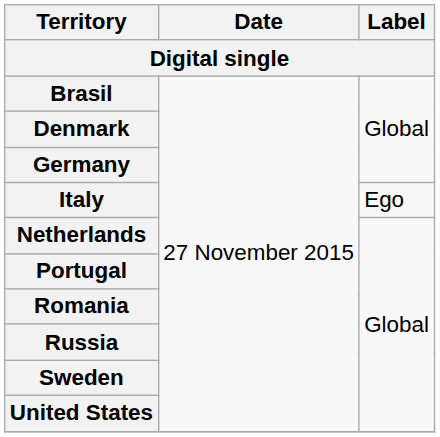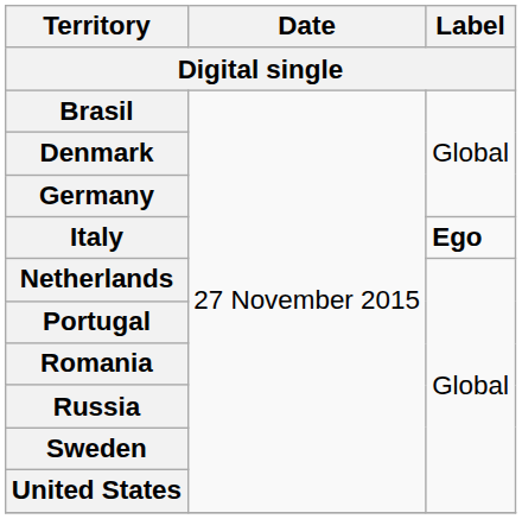 <table class="wikitable unsortable plainrowheaders">
 <tr>
 <th scope="col">Territory</th>
 <th scope="col">Date</th>
 <th scope="col">Label</th>
 </tr>
 <tr>
 <th scope="col" colspan="5">Digital single</th>
 </tr>
 <tr>
 <th scope="row">Brasil</th>
 <td rowspan="10">27 November 2015</td>
 <td rowspan="3">Global</td>
 </tr>
 <tr>
 <th scope="row">Denmark</th>
 </tr>
 <tr>
 <th scope="row">Germany</th>
 </tr>
 <tr>
 <th scope="row">Italy</th>
-<td rowspan="1">Ego</td>
+<td rowspan="1"><strong>Ego</strong></td>
 </tr>
 <tr>
 <th scope="row">Netherlands</th>
 <td rowspan="6">Global</td>
 </tr>
 <tr>
 <th scope="row">Portugal</th>
 </tr>
 <tr>
 <th scope="row">Romania</th>
 </tr>
 <tr>
 <th scope="row">Russia</th>
 </tr>
 <tr>
 <th scope="row">Sweden</th>
 </tr>
 <tr>
 <th scope="row">United States</th>
 </tr>
 <tr>
 </tr>
 </table>
